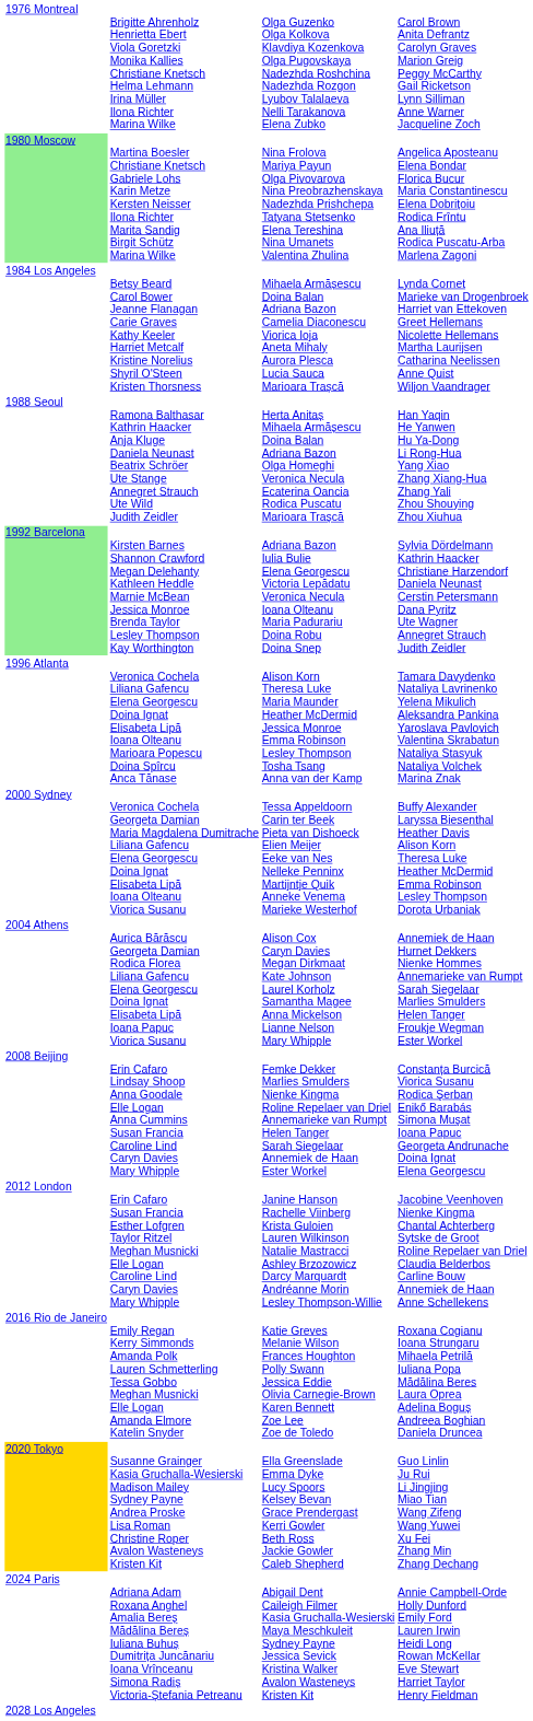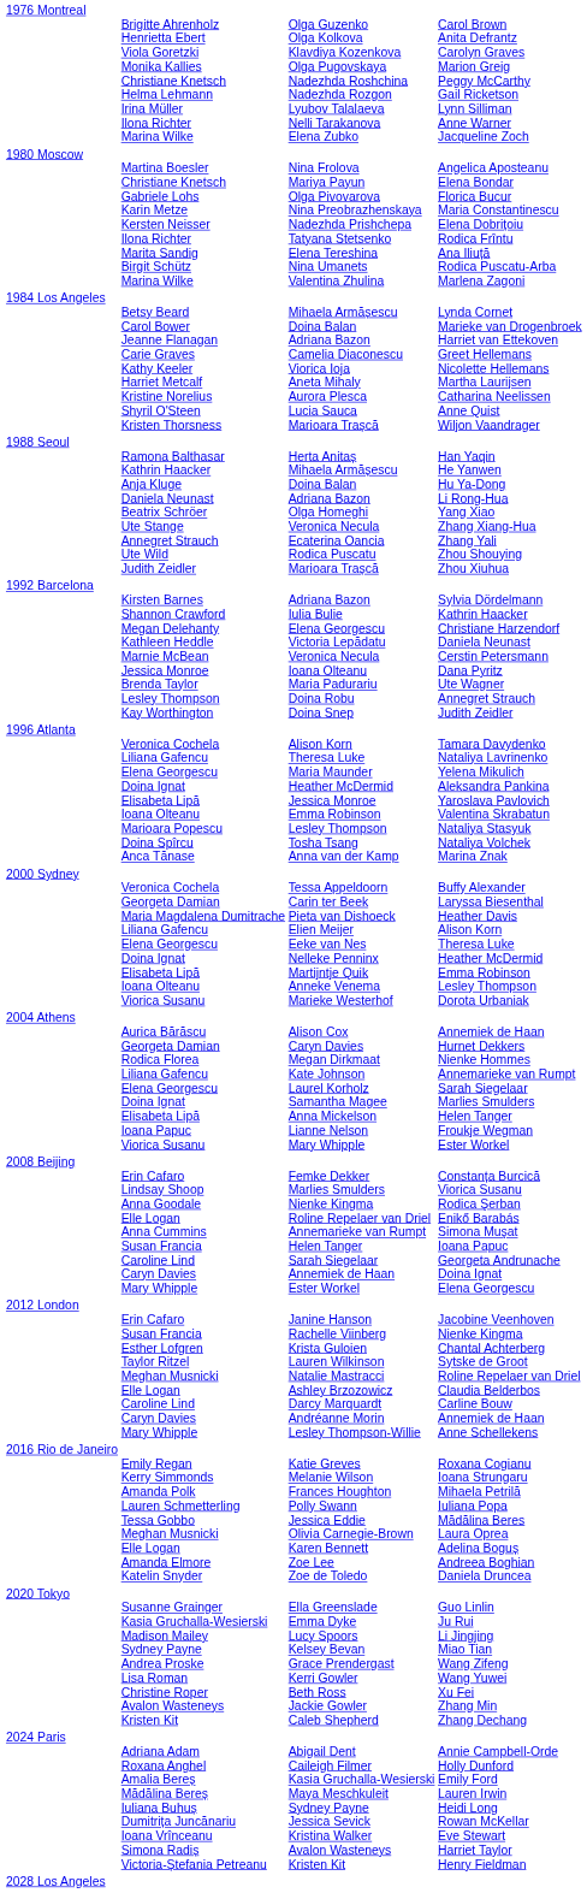 <table>
 <tr valign="top">
 <td><a href='#'>1976 Montreal</a><br></td>
 <td><br><a href='#'>Brigitte Ahrenholz</a><br><a href='#'>Henrietta Ebert</a><br><a href='#'>Viola Goretzki</a><br><a href='#'>Monika Kallies</a><br><a href='#'>Christiane Knetsch</a><br><a href='#'>Helma Lehmann</a><br><a href='#'>Irina Müller</a><br><a href='#'>Ilona Richter</a><br><a href='#'>Marina Wilke</a></td>
 <td><br><a href='#'>Olga Guzenko</a><br><a href='#'>Olga Kolkova</a><br><a href='#'>Klavdiya Kozenkova</a><br><a href='#'>Olga Pugovskaya</a><br><a href='#'>Nadezhda Roshchina</a><br><a href='#'>Nadezhda Rozgon</a><br><a href='#'>Lyubov Talalaeva</a><br><a href='#'>Nelli Tarakanova</a><br><a href='#'>Elena Zubko</a></td>
 <td><br><a href='#'>Carol Brown</a><br><a href='#'>Anita Defrantz</a><br><a href='#'>Carolyn Graves</a><br><a href='#'>Marion Greig</a><br><a href='#'>Peggy McCarthy</a><br><a href='#'>Gail Ricketson</a><br><a href='#'>Lynn Silliman</a><br><a href='#'>Anne Warner</a><br><a href='#'>Jacqueline Zoch</a></td>
 </tr>
 <tr valign="top">
-<td style="background: lightgreen;"><a href='#'>1980 Moscow</a><br></td>
+<td><a href='#'>1980 Moscow</a><br></td>
 <td><br><a href='#'>Martina Boesler</a><br><a href='#'>Christiane Knetsch</a><br><a href='#'>Gabriele Lohs</a><br><a href='#'>Karin Metze</a><br><a href='#'>Kersten Neisser</a><br><a href='#'>Ilona Richter</a><br><a href='#'>Marita Sandig</a><br><a href='#'>Birgit Schütz</a><br><a href='#'>Marina Wilke</a></td>
 <td><br><a href='#'>Nina Frolova</a><br><a href='#'>Mariya Payun</a><br><a href='#'>Olga Pivovarova</a><br><a href='#'>Nina Preobrazhenskaya</a><br><a href='#'>Nadezhda Prishchepa</a><br><a href='#'>Tatyana Stetsenko</a><br><a href='#'>Elena Tereshina</a><br><a href='#'>Nina Umanets</a><br><a href='#'>Valentina Zhulina</a></td>
 <td><br><a href='#'>Angelica Aposteanu</a><br><a href='#'>Elena Bondar</a><br><a href='#'>Florica Bucur</a><br><a href='#'>Maria Constantinescu</a><br><a href='#'>Elena Dobrițoiu</a><br><a href='#'>Rodica Frîntu</a><br><a href='#'>Ana Iliuță</a><br><a href='#'>Rodica Puscatu-Arba</a><br><a href='#'>Marlena Zagoni</a></td>
 </tr>
 <tr valign="top">
 <td><a href='#'>1984 Los Angeles</a><br></td>
 <td><br><a href='#'>Betsy Beard</a><br><a href='#'>Carol Bower</a><br><a href='#'>Jeanne Flanagan</a><br><a href='#'>Carie Graves</a><br><a href='#'>Kathy Keeler</a><br><a href='#'>Harriet Metcalf</a><br><a href='#'>Kristine Norelius</a><br><a href='#'>Shyril O'Steen</a><br><a href='#'>Kristen Thorsness</a></td>
 <td><br><a href='#'>Mihaela Armășescu</a><br><a href='#'>Doina Balan</a><br><a href='#'>Adriana Bazon</a><br><a href='#'>Camelia Diaconescu</a><br><a href='#'>Viorica Ioja</a><br><a href='#'>Aneta Mihaly</a><br><a href='#'>Aurora Plesca</a><br><a href='#'>Lucia Sauca</a><br><a href='#'>Marioara Trașcă</a></td>
 <td><br><a href='#'>Lynda Cornet</a><br><a href='#'>Marieke van Drogenbroek</a><br><a href='#'>Harriet van Ettekoven</a><br><a href='#'>Greet Hellemans</a><br><a href='#'>Nicolette Hellemans</a><br><a href='#'>Martha Laurijsen</a><br><a href='#'>Catharina Neelissen</a><br><a href='#'>Anne Quist</a><br><a href='#'>Wiljon Vaandrager</a></td>
 </tr>
 <tr valign="top">
 <td><a href='#'>1988 Seoul</a><br></td>
 <td><br><a href='#'>Ramona Balthasar</a><br><a href='#'>Kathrin Haacker</a><br><a href='#'>Anja Kluge</a><br><a href='#'>Daniela Neunast</a><br><a href='#'>Beatrix Schröer</a><br><a href='#'>Ute Stange</a><br><a href='#'>Annegret Strauch</a><br><a href='#'>Ute Wild</a><br><a href='#'>Judith Zeidler</a></td>
 <td><br><a href='#'>Herta Anitaș</a><br><a href='#'>Mihaela Armășescu</a><br><a href='#'>Doina Balan</a><br><a href='#'>Adriana Bazon</a><br><a href='#'>Olga Homeghi</a><br><a href='#'>Veronica Necula</a><br><a href='#'>Ecaterina Oancia</a><br><a href='#'>Rodica Puscatu</a><br><a href='#'>Marioara Trașcă</a></td>
 <td><br><a href='#'>Han Yaqin</a><br><a href='#'>He Yanwen</a><br><a href='#'>Hu Ya-Dong</a><br><a href='#'>Li Rong-Hua</a><br><a href='#'>Yang Xiao</a><br><a href='#'>Zhang Xiang-Hua</a><br><a href='#'>Zhang Yali</a><br><a href='#'>Zhou Shouying</a><br><a href='#'>Zhou Xiuhua</a></td>
 </tr>
 <tr valign="top">
-<td style="background: lightgreen;"><a href='#'>1992 Barcelona</a><br></td>
+<td><a href='#'>1992 Barcelona</a><br></td>
 <td><br><a href='#'>Kirsten Barnes</a><br><a href='#'>Shannon Crawford</a><br><a href='#'>Megan Delehanty</a><br><a href='#'>Kathleen Heddle</a><br><a href='#'>Marnie McBean</a><br><a href='#'>Jessica Monroe</a><br><a href='#'>Brenda Taylor</a><br><a href='#'>Lesley Thompson</a><br><a href='#'>Kay Worthington</a></td>
 <td><br><a href='#'>Adriana Bazon</a><br><a href='#'>Iulia Bulie</a><br><a href='#'>Elena Georgescu</a><br><a href='#'>Victoria Lepădatu</a><br><a href='#'>Veronica Necula</a><br><a href='#'>Ioana Olteanu</a><br><a href='#'>Maria Padurariu</a><br><a href='#'>Doina Robu</a><br><a href='#'>Doina Snep</a></td>
 <td><br><a href='#'>Sylvia Dördelmann</a><br><a href='#'>Kathrin Haacker</a><br><a href='#'>Christiane Harzendorf</a><br><a href='#'>Daniela Neunast</a><br><a href='#'>Cerstin Petersmann</a><br><a href='#'>Dana Pyritz</a><br><a href='#'>Ute Wagner</a><br><a href='#'>Annegret Strauch</a><br><a href='#'>Judith Zeidler</a></td>
 </tr>
 <tr valign="top">
 <td><a href='#'>1996 Atlanta</a><br></td>
 <td><br><a href='#'>Veronica Cochela</a><br><a href='#'>Liliana Gafencu</a><br><a href='#'>Elena Georgescu</a><br><a href='#'>Doina Ignat</a><br><a href='#'>Elisabeta Lipă</a><br><a href='#'>Ioana Olteanu</a><br><a href='#'>Marioara Popescu</a><br><a href='#'>Doina Spîrcu</a><br><a href='#'>Anca Tănase</a></td>
 <td><br><a href='#'>Alison Korn</a><br><a href='#'>Theresa Luke</a><br><a href='#'>Maria Maunder</a><br><a href='#'>Heather McDermid</a><br><a href='#'>Jessica Monroe</a><br><a href='#'>Emma Robinson</a><br><a href='#'>Lesley Thompson</a><br><a href='#'>Tosha Tsang</a><br><a href='#'>Anna van der Kamp</a></td>
 <td><br><a href='#'>Tamara Davydenko</a><br><a href='#'>Nataliya Lavrinenko</a><br><a href='#'>Yelena Mikulich</a><br><a href='#'>Aleksandra Pankina</a><br><a href='#'>Yaroslava Pavlovich</a><br><a href='#'>Valentina Skrabatun</a><br><a href='#'>Nataliya Stasyuk</a><br><a href='#'>Nataliya Volchek</a><br><a href='#'>Marina Znak</a></td>
 </tr>
 <tr valign="top">
 <td><a href='#'>2000 Sydney</a><br></td>
 <td><br><a href='#'>Veronica Cochela</a><br><a href='#'>Georgeta Damian</a><br><a href='#'>Maria Magdalena Dumitrache</a><br><a href='#'>Liliana Gafencu</a><br><a href='#'>Elena Georgescu</a><br><a href='#'>Doina Ignat</a><br><a href='#'>Elisabeta Lipă</a><br><a href='#'>Ioana Olteanu</a><br><a href='#'>Viorica Susanu</a></td>
 <td><br><a href='#'>Tessa Appeldoorn</a><br><a href='#'>Carin ter Beek</a><br><a href='#'>Pieta van Dishoeck</a><br><a href='#'>Elien Meijer</a><br><a href='#'>Eeke van Nes</a><br><a href='#'>Nelleke Penninx</a><br><a href='#'>Martijntje Quik</a><br><a href='#'>Anneke Venema</a><br><a href='#'>Marieke Westerhof</a></td>
 <td><br><a href='#'>Buffy Alexander</a><br><a href='#'>Laryssa Biesenthal</a><br><a href='#'>Heather Davis</a><br><a href='#'>Alison Korn</a><br><a href='#'>Theresa Luke</a><br><a href='#'>Heather McDermid</a><br><a href='#'>Emma Robinson</a><br><a href='#'>Lesley Thompson</a><br><a href='#'>Dorota Urbaniak</a></td>
 </tr>
 <tr valign="top">
 <td><a href='#'>2004 Athens</a><br></td>
 <td><br><a href='#'>Aurica Bărăscu</a><br><a href='#'>Georgeta Damian</a><br><a href='#'>Rodica Florea</a><br><a href='#'>Liliana Gafencu</a><br><a href='#'>Elena Georgescu</a><br><a href='#'>Doina Ignat</a><br><a href='#'>Elisabeta Lipă</a><br><a href='#'>Ioana Papuc</a><br><a href='#'>Viorica Susanu</a></td>
 <td><br><a href='#'>Alison Cox</a><br><a href='#'>Caryn Davies</a><br><a href='#'>Megan Dirkmaat</a><br><a href='#'>Kate Johnson</a><br><a href='#'>Laurel Korholz</a><br><a href='#'>Samantha Magee</a><br><a href='#'>Anna Mickelson</a><br><a href='#'>Lianne Nelson</a><br><a href='#'>Mary Whipple</a></td>
 <td><br><a href='#'>Annemiek de Haan</a><br><a href='#'>Hurnet Dekkers</a><br><a href='#'>Nienke Hommes</a><br><a href='#'>Annemarieke van Rumpt</a><br><a href='#'>Sarah Siegelaar</a><br><a href='#'>Marlies Smulders</a><br><a href='#'>Helen Tanger</a><br><a href='#'>Froukje Wegman</a><br><a href='#'>Ester Workel</a></td>
 </tr>
 <tr valign="top">
 <td><a href='#'>2008 Beijing</a><br></td>
 <td><br><a href='#'>Erin Cafaro</a><br><a href='#'>Lindsay Shoop</a><br><a href='#'>Anna Goodale</a><br><a href='#'>Elle Logan</a><br><a href='#'>Anna Cummins</a><br><a href='#'>Susan Francia</a><br><a href='#'>Caroline Lind</a><br><a href='#'>Caryn Davies</a><br><a href='#'>Mary Whipple</a></td>
 <td><br><a href='#'>Femke Dekker</a><br><a href='#'>Marlies Smulders</a><br><a href='#'>Nienke Kingma</a><br><a href='#'>Roline Repelaer van Driel</a><br><a href='#'>Annemarieke van Rumpt</a><br><a href='#'>Helen Tanger</a><br><a href='#'>Sarah Siegelaar</a><br><a href='#'>Annemiek de Haan</a><br><a href='#'>Ester Workel</a></td>
 <td><br><a href='#'>Constanța Burcică</a><br><a href='#'>Viorica Susanu</a><br><a href='#'>Rodica Şerban</a><br><a href='#'>Enikő Barabás</a><br><a href='#'>Simona Muşat</a><br><a href='#'>Ioana Papuc</a><br><a href='#'>Georgeta Andrunache</a><br><a href='#'>Doina Ignat</a><br><a href='#'>Elena Georgescu</a></td>
 </tr>
 <tr valign="top">
 <td><a href='#'>2012 London</a><br></td>
 <td><br><a href='#'>Erin Cafaro</a><br><a href='#'>Susan Francia</a><br><a href='#'>Esther Lofgren</a><br><a href='#'>Taylor Ritzel</a><br><a href='#'>Meghan Musnicki</a><br><a href='#'>Elle Logan</a><br><a href='#'>Caroline Lind</a><br><a href='#'>Caryn Davies</a><br><a href='#'>Mary Whipple</a></td>
 <td><br><a href='#'>Janine Hanson</a><br><a href='#'>Rachelle Viinberg</a><br><a href='#'>Krista Guloien</a><br><a href='#'>Lauren Wilkinson</a><br><a href='#'>Natalie Mastracci</a><br><a href='#'>Ashley Brzozowicz</a><br><a href='#'>Darcy Marquardt</a><br><a href='#'>Andréanne Morin</a><br><a href='#'>Lesley Thompson-Willie</a></td>
 <td><br><a href='#'>Jacobine Veenhoven</a><br><a href='#'>Nienke Kingma</a><br><a href='#'>Chantal Achterberg</a><br><a href='#'>Sytske de Groot</a><br><a href='#'>Roline Repelaer van Driel</a><br><a href='#'>Claudia Belderbos</a><br><a href='#'>Carline Bouw</a><br><a href='#'>Annemiek de Haan</a><br><a href='#'>Anne Schellekens</a></td>
 </tr>
 <tr valign="top">
 <td><a href='#'>2016 Rio de Janeiro</a><br></td>
 <td><br><a href='#'>Emily Regan</a><br><a href='#'>Kerry Simmonds</a><br><a href='#'>Amanda Polk</a><br><a href='#'>Lauren Schmetterling</a><br><a href='#'>Tessa Gobbo</a><br><a href='#'>Meghan Musnicki</a><br><a href='#'>Elle Logan</a><br><a href='#'>Amanda Elmore</a><br><a href='#'>Katelin Snyder</a></td>
 <td><br><a href='#'>Katie Greves</a><br><a href='#'>Melanie Wilson</a><br><a href='#'>Frances Houghton</a><br><a href='#'>Polly Swann</a><br><a href='#'>Jessica Eddie</a><br><a href='#'>Olivia Carnegie-Brown</a><br><a href='#'>Karen Bennett</a><br><a href='#'>Zoe Lee</a><br><a href='#'>Zoe de Toledo</a></td>
 <td><br><a href='#'>Roxana Cogianu</a><br><a href='#'>Ioana Strungaru</a><br><a href='#'>Mihaela Petrilă</a><br><a href='#'>Iuliana Popa</a><br><a href='#'>Mădălina Beres</a><br><a href='#'>Laura Oprea</a><br><a href='#'>Adelina Boguș</a><br><a href='#'>Andreea Boghian</a><br><a href='#'>Daniela Druncea</a></td>
 </tr>
 <tr valign="top">
-<td style="background: gold;"><a href='#'>2020 Tokyo</a><br></td>
+<td><a href='#'>2020 Tokyo</a><br></td>
 <td><br><a href='#'>Susanne Grainger</a><br><a href='#'>Kasia Gruchalla-Wesierski</a><br><a href='#'>Madison Mailey</a><br><a href='#'>Sydney Payne</a><br><a href='#'>Andrea Proske</a><br><a href='#'>Lisa Roman</a><br><a href='#'>Christine Roper</a><br><a href='#'>Avalon Wasteneys</a><br><a href='#'>Kristen Kit</a></td>
 <td><br><a href='#'>Ella Greenslade</a><br><a href='#'>Emma Dyke</a><br><a href='#'>Lucy Spoors</a><br><a href='#'>Kelsey Bevan</a><br><a href='#'>Grace Prendergast</a><br><a href='#'>Kerri Gowler</a><br><a href='#'>Beth Ross</a><br><a href='#'>Jackie Gowler</a><br><a href='#'>Caleb Shepherd</a></td>
 <td><br><a href='#'>Guo Linlin</a><br><a href='#'>Ju Rui</a><br><a href='#'>Li Jingjing</a><br><a href='#'>Miao Tian</a><br><a href='#'>Wang Zifeng</a><br><a href='#'>Wang Yuwei</a><br><a href='#'>Xu Fei</a><br><a href='#'>Zhang Min</a><br><a href='#'>Zhang Dechang</a></td>
 </tr>
 <tr valign="top">
 <td><a href='#'>2024 Paris</a><br></td>
 <td><br><a href='#'>Adriana Adam</a><br><a href='#'>Roxana Anghel</a><br><a href='#'>Amalia Bereș</a><br><a href='#'>Mădălina Bereș</a><br><a href='#'>Iuliana Buhuș</a><br><a href='#'>Dumitrița Juncănariu</a><br><a href='#'>Ioana Vrînceanu</a><br><a href='#'>Simona Radiș</a><br><a href='#'>Victoria-Ștefania Petreanu</a> </td>
 <td><br><a href='#'>Abigail Dent</a><br><a href='#'>Caileigh Filmer</a><br><a href='#'>Kasia Gruchalla-Wesierski</a><br><a href='#'>Maya Meschkuleit</a><br><a href='#'>Sydney Payne</a><br><a href='#'>Jessica Sevick</a><br><a href='#'>Kristina Walker</a><br><a href='#'>Avalon Wasteneys</a><br><a href='#'>Kristen Kit</a> </td>
 <td><br><a href='#'>Annie Campbell-Orde</a><br><a href='#'>Holly Dunford</a><br><a href='#'>Emily Ford</a><br><a href='#'>Lauren Irwin</a><br><a href='#'>Heidi Long</a><br><a href='#'>Rowan McKellar</a><br><a href='#'>Eve Stewart</a><br><a href='#'>Harriet Taylor</a><br><a href='#'>Henry Fieldman</a> </td>
 </tr>
 <tr>
 <td><a href='#'>2028 Los Angeles</a> <br></td>
 <td></td>
 <td></td>
 <td></td>
 </tr>
 <tr>
 </tr>
 </table>
